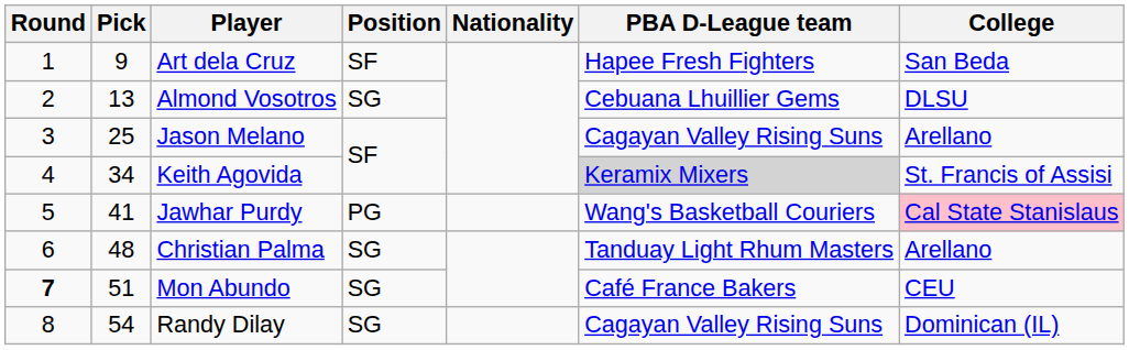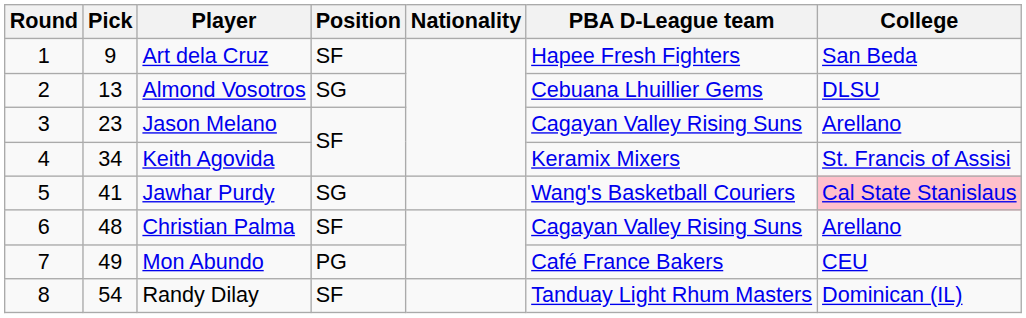 <table class="wikitable sortable sortable">
 <tr>
 <th>Round</th>
 <th>Pick</th>
 <th>Player</th>
 <th>Position</th>
 <th>Nationality</th>
 <th>PBA D-League team</th>
 <th>College</th>
 </tr>
 <tr>
 <td align=center>1</td>
 <td align=center>9</td>
 <td><a href='#'>Art dela Cruz</a></td>
 <td>SF</td>
 <td rowspan=4></td>
 <td><a href='#'>Hapee Fresh Fighters</a></td>
 <td><a href='#'>San Beda</a></td>
 </tr>
 <tr>
 <td align=center>2</td>
 <td align=center>13</td>
 <td><a href='#'>Almond Vosotros</a></td>
 <td>SG</td>
 <td><a href='#'>Cebuana Lhuillier Gems</a></td>
 <td><a href='#'>DLSU</a></td>
 </tr>
 <tr>
 <td align=center>3</td>
-<td align=center>25</td>
+<td align=center>23</td>
 <td><a href='#'>Jason Melano</a></td>
 <td rowspan=2>SF</td>
 <td><a href='#'>Cagayan Valley Rising Suns</a></td>
 <td><a href='#'>Arellano</a></td>
 </tr>
 <tr>
 <td align=center>4</td>
 <td align=center>34</td>
 <td><a href='#'>Keith Agovida</a></td>
-<td style="background: lightgrey;"><a href='#'>Keramix Mixers</a></td>
+<td><a href='#'>Keramix Mixers</a></td>
 <td><a href='#'>St. Francis of Assisi</a></td>
 </tr>
 <tr>
 <td align=center>5</td>
 <td align=center>41</td>
 <td><a href='#'>Jawhar Purdy</a></td>
-<td>PG</td>
+<td>SG</td>
 <td></td>
 <td><a href='#'>Wang's Basketball Couriers</a></td>
 <td style="background: pink;"><a href='#'>Cal State Stanislaus</a></td>
 </tr>
 <tr>
 <td align=center>6</td>
 <td align=center>48</td>
 <td><a href='#'>Christian Palma</a></td>
-<td>SG</td>
+<td>SF</td>
 <td rowspan=2></td>
-<td><a href='#'>Tanduay Light Rhum Masters</a></td>
+<td><a href='#'>Cagayan Valley Rising Suns</a></td>
 <td><a href='#'>Arellano</a></td>
 </tr>
 <tr>
-<td align=center><strong>7</strong></td>
-<td align=center>51</td>
+<td align=center>7</td>
+<td align=center>49</td>
 <td><a href='#'>Mon Abundo</a></td>
-<td>SG</td>
+<td>PG</td>
 <td><a href='#'>Café France Bakers</a></td>
 <td><a href='#'>CEU</a></td>
 </tr>
 <tr>
 <td align=center>8</td>
 <td align=center>54</td>
 <td>Randy Dilay</td>
-<td>SG</td>
+<td>SF</td>
 <td></td>
-<td><a href='#'>Cagayan Valley Rising Suns</a></td>
+<td><a href='#'>Tanduay Light Rhum Masters</a></td>
 <td><a href='#'>Dominican (IL)</a></td>
 </tr>
 </table>
